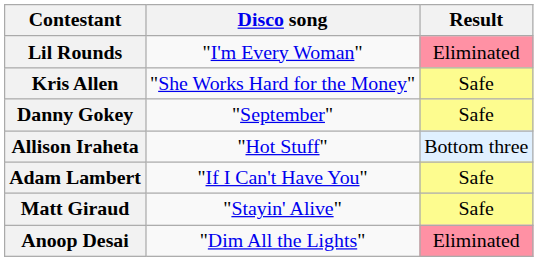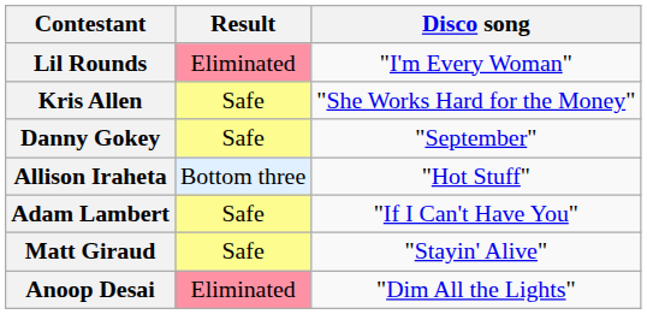 <table class="wikitable unsortable" style="text-align:center;">
 <tr>
 <th scope="col">Contestant</th>
+<th scope="col">Result</th>
 <th scope="col"><a href='#'>Disco</a> song</th>
-<th scope="col">Result</th>
 </tr>
 <tr>
 <th scope="row">Lil Rounds</th>
+<td bgcolor="FF91A4">Eliminated</td>
 <td>"<a href='#'>I'm Every Woman</a>"</td>
-<td bgcolor="FF91A4">Eliminated</td>
 </tr>
 <tr>
 <th scope="row">Kris Allen</th>
+<td style="background:#FDFC8F">Safe</td>
 <td>"<a href='#'>She Works Hard for the Money</a>"</td>
-<td style="background:#FDFC8F">Safe</td>
 </tr>
 <tr>
 <th scope="row">Danny Gokey</th>
+<td style="background:#FDFC8F">Safe</td>
 <td>"<a href='#'>September</a>"</td>
-<td style="background:#FDFC8F">Safe</td>
 </tr>
 <tr>
 <th scope="row">Allison Iraheta</th>
+<td bgcolor="E0F0FF">Bottom three</td>
 <td>"<a href='#'>Hot Stuff</a>"</td>
-<td bgcolor="E0F0FF">Bottom three</td>
 </tr>
 <tr>
 <th scope="row">Adam Lambert</th>
+<td style="background:#FDFC8F">Safe</td>
 <td>"<a href='#'>If I Can't Have You</a>"</td>
-<td style="background:#FDFC8F">Safe</td>
 </tr>
 <tr>
 <th scope="row">Matt Giraud</th>
+<td style="background:#FDFC8F">Safe</td>
 <td>"<a href='#'>Stayin' Alive</a>"</td>
-<td style="background:#FDFC8F">Safe</td>
 </tr>
 <tr>
 <th scope="row">Anoop Desai</th>
+<td bgcolor="FF91A4">Eliminated</td>
 <td>"<a href='#'>Dim All the Lights</a>"</td>
-<td bgcolor="FF91A4">Eliminated</td>
 </tr>
 </table>
